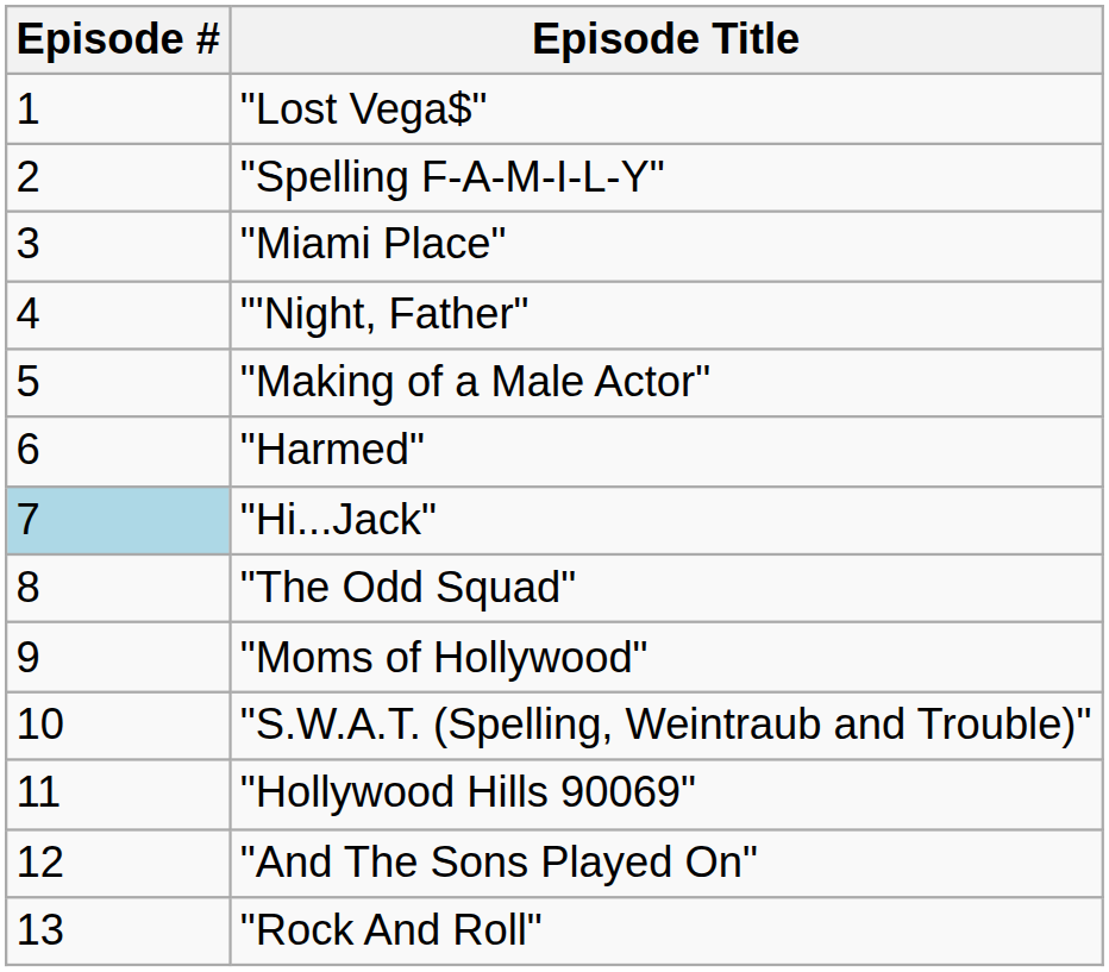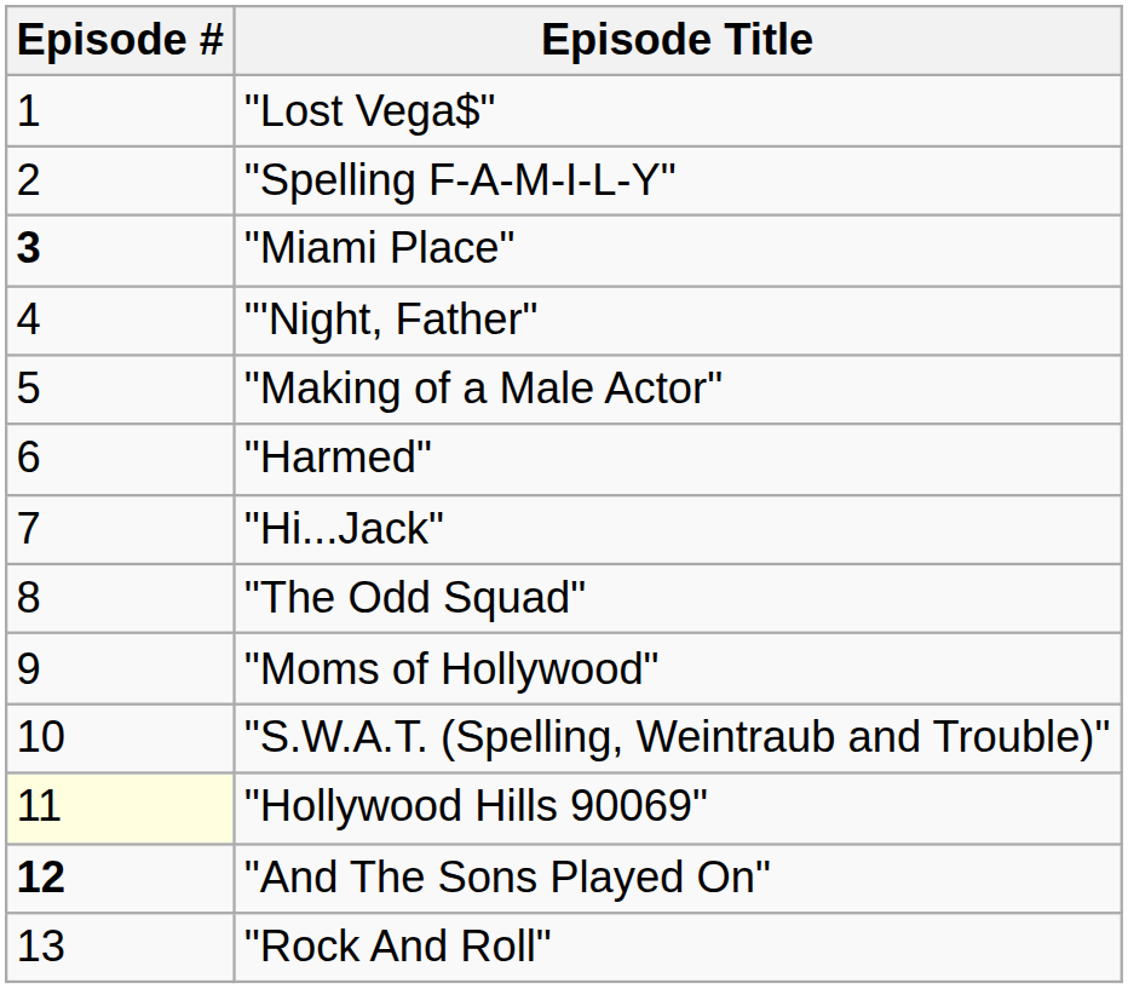 <table class="wikitable">
 <tr>
 <th>Episode #</th>
 <th>Episode Title</th>
 </tr>
 <tr>
 <td>1</td>
 <td>"Lost Vega$"</td>
 </tr>
 <tr>
 <td>2</td>
 <td>"Spelling F-A-M-I-L-Y"</td>
 </tr>
 <tr>
-<td>3</td>
+<td><strong>3</strong></td>
 <td>"Miami Place"</td>
 </tr>
 <tr>
 <td>4</td>
 <td>"'Night, Father"</td>
 </tr>
 <tr>
 <td>5</td>
 <td>"Making of a Male Actor"</td>
 </tr>
 <tr>
 <td>6</td>
 <td>"Harmed"</td>
 </tr>
 <tr>
-<td style="background: lightblue;">7</td>
+<td>7</td>
 <td>"Hi...Jack"</td>
 </tr>
 <tr>
 <td>8</td>
 <td>"The Odd Squad"</td>
 </tr>
 <tr>
 <td>9</td>
 <td>"Moms of Hollywood"</td>
 </tr>
 <tr>
 <td>10</td>
 <td>"S.W.A.T. (Spelling, Weintraub and Trouble)"</td>
 </tr>
 <tr>
-<td>11</td>
+<td style="background: lightyellow;">11</td>
 <td>"Hollywood Hills 90069"</td>
 </tr>
 <tr>
-<td>12</td>
+<td><strong>12</strong></td>
 <td>"And The Sons Played On"</td>
 </tr>
 <tr>
 <td>13</td>
 <td>"Rock And Roll"</td>
 </tr>
 </table>
